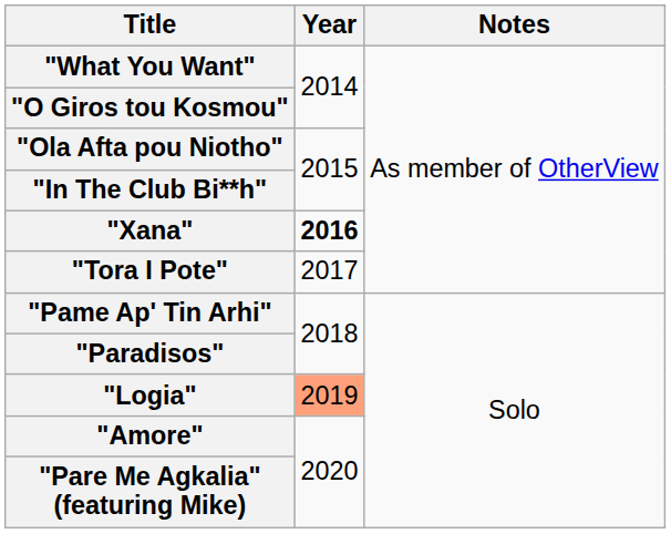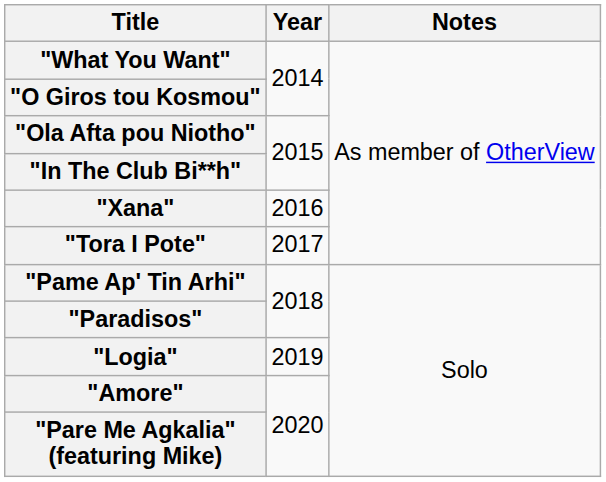 <table class="wikitable plainrowheaders" style="text-align:center;">
 <tr>
 <th scope="col">Title</th>
 <th scope="col">Year</th>
 <th scope="col">Notes</th>
 </tr>
 <tr>
 <th scope="row">"What You Want"</th>
 <td rowspan="2">2014</td>
 <td rowspan="6">As member of <a href='#'>OtherView</a></td>
 </tr>
 <tr>
 <th scope="row">"O Giros tou Kosmou"</th>
 </tr>
 <tr>
 <th scope="row">"Ola Afta pou Niotho"</th>
 <td rowspan="2">2015</td>
 </tr>
 <tr>
 <th scope="row">"In The Club Bi**h"</th>
 </tr>
 <tr>
 <th scope="row">"Xana"</th>
-<td><strong>2016</strong></td>
+<td>2016</td>
 </tr>
 <tr>
 <th scope="row">"Tora I Pote"</th>
 <td>2017</td>
 </tr>
 <tr>
 <th scope="row">"Pame Ap' Tin Arhi"</th>
 <td rowspan="2">2018</td>
 <td rowspan="5">Solo</td>
 </tr>
 <tr>
 <th scope="row">"Paradisos"</th>
 </tr>
 <tr>
 <th scope="row">"Logia"</th>
-<td style="background: lightsalmon;">2019</td>
+<td>2019</td>
 </tr>
 <tr>
 <th scope="row">"Amore"</th>
 <td rowspan="2">2020</td>
 </tr>
 <tr>
 <th scope="row">"Pare Me Agkalia"<br><span>(featuring Mike)</span></th>
 </tr>
 </table>
